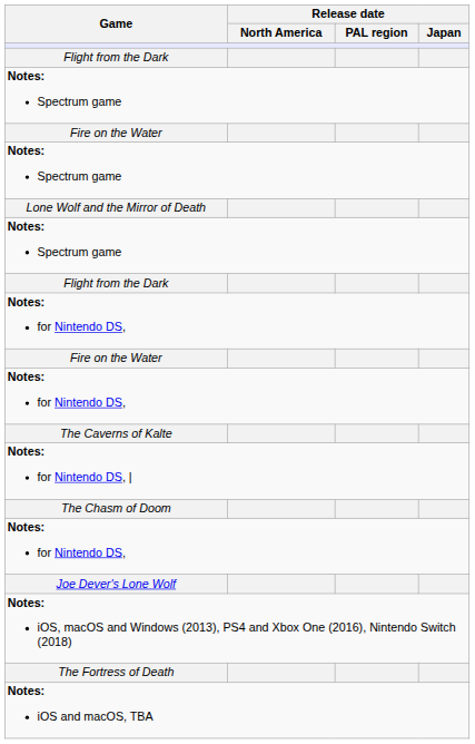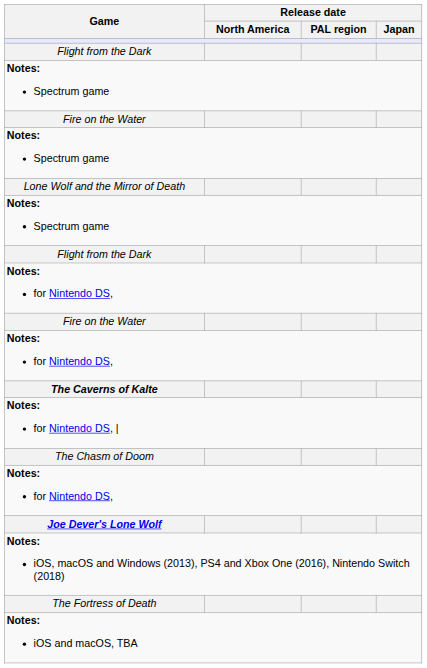 <table class="wikitable" width="100%">
 <tr style="text-align: center;">
 <th rowspan="2">Game</th>
 <th colspan="3">Release date</th>
 </tr>
 <tr>
 <th>North America</th>
 <th>PAL region</th>
 <th>Japan</th>
 </tr>
 <tr>
 <td colspan="5" bgcolor="#e6e9ff"></td>
 </tr>
 <tr bgcolor="#F2F2F2" align="center">
 <td><em>Flight from the Dark</em></td>
 <td></td>
 <td></td>
 <td></td>
 </tr>
 <tr>
 <td colspan="5" style="border: none; vertical-align: top;"><strong>Notes:</strong><br><ul><li>Spectrum game </li></ul></td>
 </tr>
 <tr bgcolor="#F2F2F2" align="center">
 <td><em>Fire on the Water</em></td>
 <td></td>
 <td></td>
 <td></td>
 </tr>
 <tr>
 <td colspan="5" style="border: none; vertical-align: top;"><strong>Notes:</strong><br><ul><li>Spectrum game </li></ul></td>
 </tr>
 <tr bgcolor="#F2F2F2" align="center">
 <td><em>Lone Wolf and the Mirror of Death</em></td>
 <td></td>
 <td></td>
 <td></td>
 </tr>
 <tr>
 <td colspan="5" style="border: none; vertical-align: top;"><strong>Notes:</strong><br><ul><li>Spectrum game </li></ul></td>
 </tr>
 <tr bgcolor="#F2F2F2" align="center">
 <td><em>Flight from the Dark</em></td>
 <td></td>
 <td></td>
 <td></td>
 </tr>
 <tr>
 <td colspan="5" style="border: none; vertical-align: top;"><strong>Notes:</strong><br><ul><li>for <a href='#'>Nintendo DS</a>, </li></ul></td>
 </tr>
 <tr bgcolor="#F2F2F2" align="center">
 <td><em>Fire on the Water</em></td>
 <td></td>
 <td></td>
 <td></td>
 </tr>
 <tr>
 <td colspan="5" style="border: none; vertical-align: top;"><strong>Notes:</strong><br><ul><li>for <a href='#'>Nintendo DS</a>, </li></ul></td>
 </tr>
 <tr bgcolor="#F2F2F2" align="center">
-<td><em>The Caverns of Kalte</em></td>
+<td><strong><em>The Caverns of Kalte</em></strong></td>
 <td></td>
 <td></td>
 <td></td>
 </tr>
 <tr>
 <td colspan="5" style="border: none; vertical-align: top;"><strong>Notes:</strong><br><ul><li>for <a href='#'>Nintendo DS</a>, |</li></ul></td>
 </tr>
 <tr bgcolor="#F2F2F2" align="center">
 <td><em>The Chasm of Doom</em></td>
 <td></td>
 <td></td>
 <td></td>
 </tr>
 <tr>
 <td colspan="5" style="border: none; vertical-align: top;"><strong>Notes:</strong><br><ul><li>for <a href='#'>Nintendo DS</a>, </li></ul></td>
 </tr>
 <tr bgcolor="#F2F2F2" align="center">
-<td><em><a href='#'>Joe Dever's Lone Wolf</a></em></td>
+<td><strong><em><a href='#'>Joe Dever's Lone Wolf</a></em></strong></td>
 <td></td>
 <td></td>
 <td></td>
 </tr>
 <tr>
 <td colspan="5" style="border: none; vertical-align: top;"><strong>Notes:</strong><br><ul><li>iOS, macOS and Windows (2013), PS4 and Xbox One (2016), Nintendo Switch (2018)</li></ul></td>
 </tr>
 <tr bgcolor="#F2F2F2" align="center">
 <td><em>The Fortress of Death</em></td>
 <td></td>
 <td></td>
 <td></td>
 </tr>
 <tr>
 <td colspan="5" style="border: none; vertical-align: top;"><strong>Notes:</strong><br><ul><li>iOS and macOS, TBA</li></ul></td>
 </tr>
 </table>
